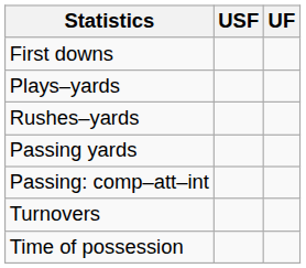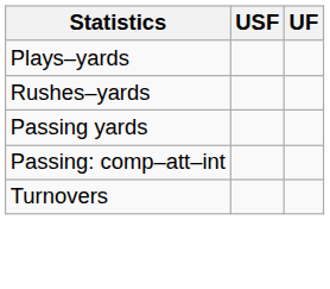 <table class="wikitable" style="float:left">
 <tr>
 <th>Statistics</th>
 <th>USF</th>
 <th>UF</th>
-</tr>
-<tr>
-<td>First downs</td>
-<td></td>
-<td></td>
 </tr>
 <tr>
 <td>Plays–yards</td>
 <td></td>
 <td></td>
 </tr>
 <tr>
 <td>Rushes–yards</td>
 <td></td>
 <td></td>
 </tr>
 <tr>
 <td>Passing yards</td>
 <td></td>
 <td></td>
 </tr>
 <tr>
 <td>Passing: comp–att–int</td>
 <td></td>
 <td></td>
 </tr>
 <tr>
 <td>Turnovers</td>
 <td></td>
 <td></td>
 </tr>
-<tr>
-<td>Time of possession</td>
-<td></td>
-<td></td>
-</tr>
 </table>
